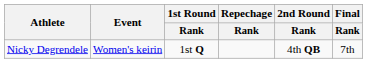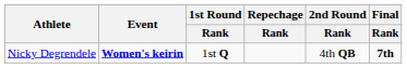 <table class="wikitable" style="font-size:90%">
 <tr>
 <th rowspan=2>Athlete</th>
 <th rowspan=2>Event</th>
 <th>1st Round</th>
 <th>Repechage</th>
 <th>2nd Round</th>
 <th>Final</th>
 </tr>
 <tr style="font-size:95%">
 <th>Rank</th>
 <th>Rank</th>
 <th>Rank</th>
 <th>Rank</th>
 </tr>
 <tr align=center>
 <td align=left><a href='#'>Nicky Degrendele</a></td>
-<td align=left><a href='#'>Women's keirin</a></td>
+<td align=left><strong><a href='#'>Women's keirin</a></strong></td>
 <td>1st <strong>Q</strong></td>
 <td></td>
 <td>4th <strong>QB</strong></td>
-<td>7th</td>
+<td><strong>7th</strong></td>
 </tr>
 </table>
